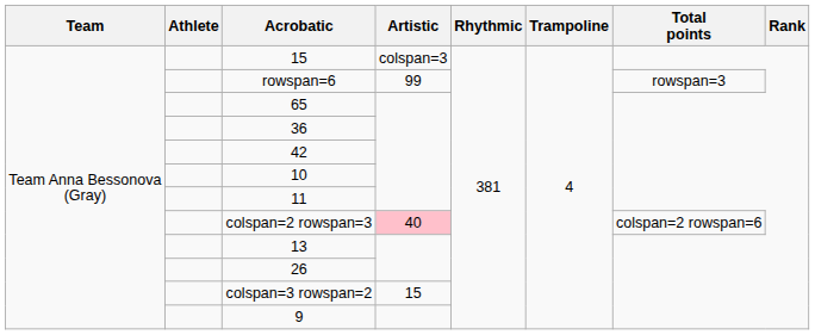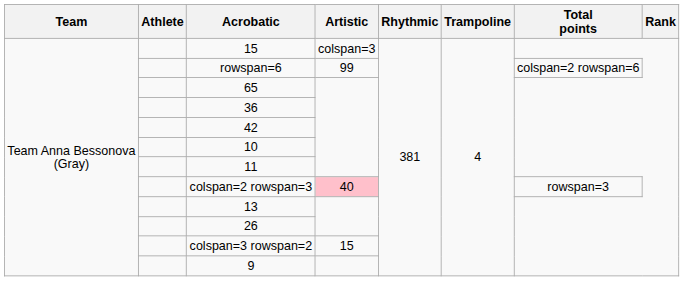 <table class="wikitable" style="font-size:90%">
 <tr>
 <th>Team</th>
 <th>Athlete</th>
 <th>Acrobatic</th>
 <th>Artistic</th>
 <th>Rhythmic</th>
 <th>Trampoline</th>
 <th>Total<br>points</th>
 <th>Rank</th>
 </tr>
 <tr align=center>
 <td rowspan=12>Team Anna Bessonova<br>(Gray)</td>
 <td align=left><br></td>
 <td>15</td>
 <td>colspan=3 </td>
 <td rowspan=12>381</td>
 <td rowspan=12>4</td>
 </tr>
 <tr align=center>
 <td align=left></td>
 <td>rowspan=6 </td>
 <td>99</td>
-<td>rowspan=3 </td>
+<td>colspan=2 rowspan=6 </td>
 </tr>
 <tr align=center>
 <td align=left></td>
 <td>65</td>
 </tr>
 <tr align=center>
 <td align=left></td>
 <td>36</td>
 </tr>
 <tr align=center>
 <td align=left></td>
 <td>42</td>
 </tr>
 <tr align=center>
 <td align=left></td>
 <td>10</td>
 </tr>
 <tr align=center>
 <td align=left></td>
 <td>11</td>
 </tr>
 <tr align=center>
 <td align=left></td>
 <td>colspan=2 rowspan=3 </td>
 <td style="background: pink;">40</td>
-<td>colspan=2 rowspan=6 </td>
+<td>rowspan=3 </td>
 </tr>
 <tr align=center>
 <td align=left></td>
 <td>13</td>
 </tr>
 <tr align=center>
 <td align=left></td>
 <td>26</td>
 </tr>
 <tr align=center>
 <td align=left></td>
 <td>colspan=3 rowspan=2 </td>
 <td>15</td>
 </tr>
 <tr align=center>
 <td align=left></td>
 <td>9</td>
 </tr>
 </table>
